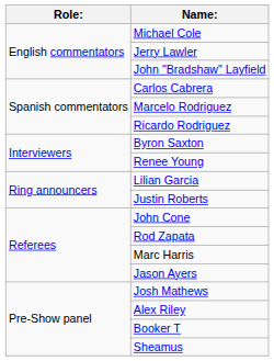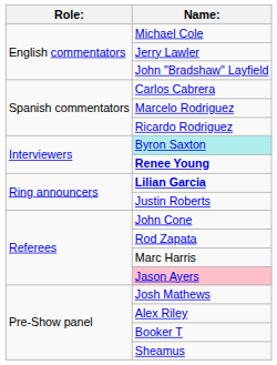 <table class=wikitable style="font-size:90%; margin: 0.5em 0 0.5em 1em; float: right; clear: right;">
 <tr>
 <th>Role:</th>
 <th>Name:</th>
 </tr>
 <tr>
 <td rowspan=3>English <a href='#'>commentators</a></td>
 <td><a href='#'>Michael Cole</a></td>
 </tr>
 <tr>
 <td><a href='#'>Jerry Lawler</a></td>
 </tr>
 <tr>
 <td><a href='#'>John "Bradshaw" Layfield</a></td>
 </tr>
 <tr>
 <td rowspan=3>Spanish commentators</td>
 <td><a href='#'>Carlos Cabrera</a></td>
 </tr>
 <tr>
 <td><a href='#'>Marcelo Rodriguez</a></td>
 </tr>
 <tr>
 <td><a href='#'>Ricardo Rodriguez</a></td>
 </tr>
 <tr>
 <td rowspan=2><a href='#'>Interviewers</a></td>
-<td><a href='#'>Byron Saxton</a></td>
+<td style="background: paleturquoise;"><a href='#'>Byron Saxton</a></td>
 </tr>
 <tr>
-<td><a href='#'>Renee Young</a></td>
+<td><strong><a href='#'>Renee Young</a></strong></td>
 </tr>
 <tr>
 <td rowspan=2><a href='#'>Ring announcers</a></td>
-<td><a href='#'>Lilian Garcia</a></td>
+<td><strong><a href='#'>Lilian Garcia</a></strong></td>
 </tr>
 <tr>
 <td><a href='#'>Justin Roberts</a></td>
 </tr>
 <tr>
 <td rowspan=4><a href='#'>Referees</a></td>
 <td><a href='#'>John Cone</a></td>
 </tr>
 <tr>
 <td><a href='#'>Rod Zapata</a></td>
 </tr>
 <tr>
 <td>Marc Harris</td>
 </tr>
 <tr>
-<td><a href='#'>Jason Ayers</a></td>
+<td style="background: pink;"><a href='#'>Jason Ayers</a></td>
 </tr>
 <tr>
 <td rowspan=4>Pre-Show panel</td>
 <td><a href='#'>Josh Mathews</a></td>
 </tr>
 <tr>
 <td><a href='#'>Alex Riley</a></td>
 </tr>
 <tr>
 <td><a href='#'>Booker T</a></td>
 </tr>
 <tr>
 <td><a href='#'>Sheamus</a></td>
 </tr>
 </table>
